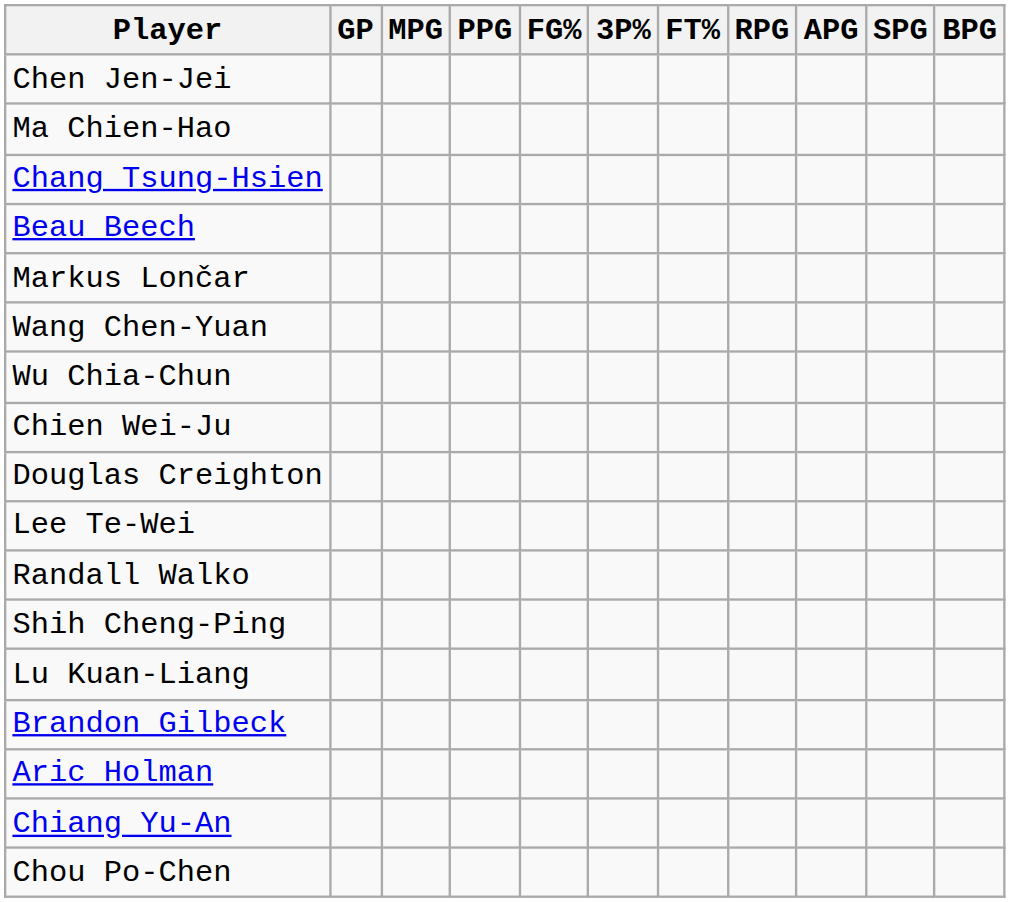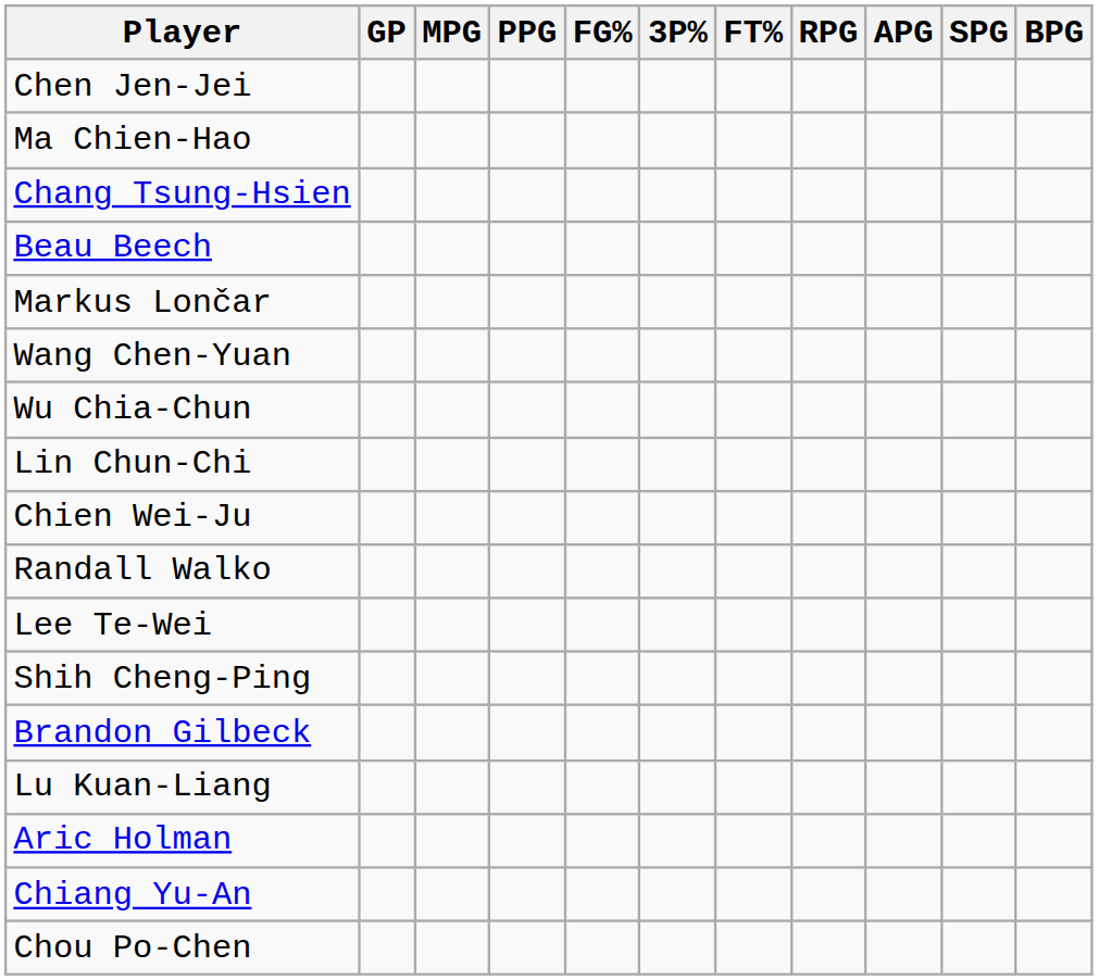 <table class="wikitable">
 <tr>
 <th>Player</th>
 <th>GP</th>
 <th>MPG</th>
 <th>PPG</th>
 <th>FG%</th>
 <th>3P%</th>
 <th>FT%</th>
 <th>RPG</th>
 <th>APG</th>
 <th>SPG</th>
 <th>BPG</th>
 </tr>
 <tr>
 <td>Chen Jen-Jei</td>
 <td></td>
 <td></td>
 <td></td>
 <td></td>
 <td></td>
 <td></td>
 <td></td>
 <td></td>
 <td></td>
 <td></td>
 </tr>
 <tr>
 <td>Ma Chien-Hao</td>
 <td></td>
 <td></td>
 <td></td>
 <td></td>
 <td></td>
 <td></td>
 <td></td>
 <td></td>
 <td></td>
 <td></td>
 </tr>
 <tr>
 <td><a href='#'>Chang Tsung-Hsien</a></td>
 <td></td>
 <td></td>
 <td></td>
 <td></td>
 <td></td>
 <td></td>
 <td></td>
 <td></td>
 <td></td>
 <td></td>
 </tr>
 <tr>
 <td><a href='#'>Beau Beech</a></td>
 <td></td>
 <td></td>
 <td></td>
 <td></td>
 <td></td>
 <td></td>
 <td></td>
 <td></td>
 <td></td>
 <td></td>
 </tr>
 <tr>
 <td>Markus Lončar</td>
 <td></td>
 <td></td>
 <td></td>
 <td></td>
 <td></td>
 <td></td>
 <td></td>
 <td></td>
 <td></td>
 <td></td>
 </tr>
 <tr>
 <td>Wang Chen-Yuan</td>
 <td></td>
 <td></td>
 <td></td>
 <td></td>
 <td></td>
 <td></td>
 <td></td>
 <td></td>
 <td></td>
 <td></td>
 </tr>
 <tr>
 <td>Wu Chia-Chun</td>
 <td></td>
 <td></td>
 <td></td>
 <td></td>
 <td></td>
 <td></td>
 <td></td>
 <td></td>
 <td></td>
 <td></td>
 </tr>
 <tr>
+<td>Lin Chun-Chi</td>
+<td></td>
+<td></td>
+<td></td>
+<td></td>
+<td></td>
+<td></td>
+<td></td>
+<td></td>
+<td></td>
+<td></td>
+</tr>
+<tr>
 <td>Chien Wei-Ju</td>
 <td></td>
 <td></td>
 <td></td>
 <td></td>
 <td></td>
 <td></td>
 <td></td>
 <td></td>
 <td></td>
 <td></td>
 </tr>
 <tr>
-<td>Douglas Creighton</td>
+<td>Randall Walko</td>
 <td></td>
 <td></td>
 <td></td>
 <td></td>
 <td></td>
 <td></td>
 <td></td>
 <td></td>
 <td></td>
 <td></td>
 </tr>
 <tr>
 <td>Lee Te-Wei</td>
 <td></td>
 <td></td>
 <td></td>
 <td></td>
 <td></td>
 <td></td>
 <td></td>
 <td></td>
 <td></td>
 <td></td>
 </tr>
 <tr>
-<td>Randall Walko</td>
-<td></td>
-<td></td>
-<td></td>
-<td></td>
-<td></td>
-<td></td>
-<td></td>
-<td></td>
-<td></td>
-<td></td>
-</tr>
-<tr>
 <td>Shih Cheng-Ping</td>
 <td></td>
 <td></td>
 <td></td>
 <td></td>
 <td></td>
 <td></td>
 <td></td>
 <td></td>
 <td></td>
 <td></td>
 </tr>
 <tr>
-<td>Lu Kuan-Liang</td>
+<td><a href='#'>Brandon Gilbeck</a></td>
 <td></td>
 <td></td>
 <td></td>
 <td></td>
 <td></td>
 <td></td>
 <td></td>
 <td></td>
 <td></td>
 <td></td>
 </tr>
 <tr>
-<td><a href='#'>Brandon Gilbeck</a></td>
+<td>Lu Kuan-Liang</td>
 <td></td>
 <td></td>
 <td></td>
 <td></td>
 <td></td>
 <td></td>
 <td></td>
 <td></td>
 <td></td>
 <td></td>
 </tr>
 <tr>
 <td><a href='#'>Aric Holman</a></td>
 <td></td>
 <td></td>
 <td></td>
 <td></td>
 <td></td>
 <td></td>
 <td></td>
 <td></td>
 <td></td>
 <td></td>
 </tr>
 <tr>
 <td><a href='#'>Chiang Yu-An</a></td>
 <td></td>
 <td></td>
 <td></td>
 <td></td>
 <td></td>
 <td></td>
 <td></td>
 <td></td>
 <td></td>
 <td></td>
 </tr>
 <tr>
 <td>Chou Po-Chen</td>
 <td></td>
 <td></td>
 <td></td>
 <td></td>
 <td></td>
 <td></td>
 <td></td>
 <td></td>
 <td></td>
 <td></td>
 </tr>
 </table>
